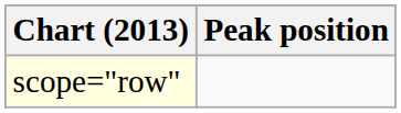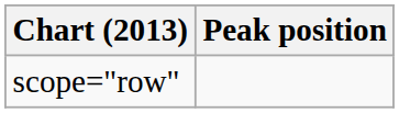 <table class="wikitable sortable" border="1">
 <tr>
 <th>Chart (2013)</th>
 <th>Peak position</th>
 </tr>
 <tr>
-<td style="background: lightyellow;">scope="row" </td>
+<td>scope="row" </td>
 </tr>
 </table>
